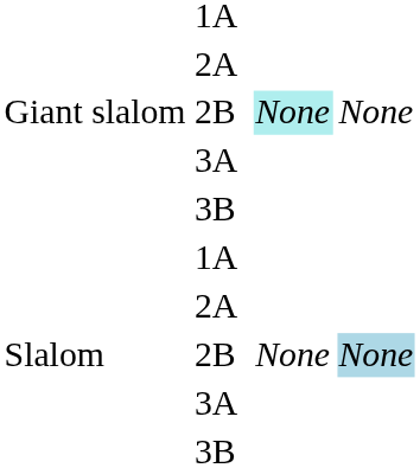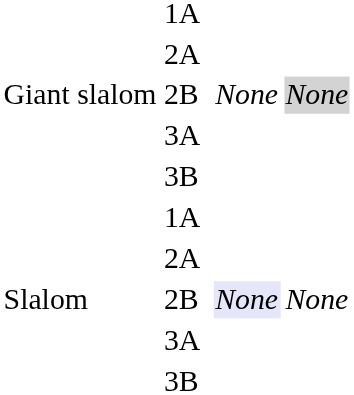 <table>
 <tr>
 <td rowspan="5">Giant slalom</td>
 <td>1A<br></td>
 <td></td>
 <td></td>
 <td></td>
 </tr>
 <tr>
 <td>2A<br></td>
 <td></td>
 <td></td>
 <td></td>
 </tr>
 <tr>
 <td>2B<br></td>
 <td></td>
-<td align="center" style="background: paleturquoise;"><em>None</em></td>
 <td align="center"><em>None</em></td>
+<td align="center" style="background: lightgrey;"><em>None</em></td>
 </tr>
 <tr>
 <td>3A<br></td>
 <td></td>
 <td></td>
 <td></td>
 </tr>
 <tr>
 <td>3B<br></td>
 <td></td>
 <td></td>
 <td></td>
 </tr>
 <tr>
 <td rowspan="5">Slalom</td>
 <td>1A<br></td>
 <td></td>
 <td></td>
 <td></td>
 </tr>
 <tr>
 <td>2A<br></td>
 <td></td>
 <td></td>
 <td></td>
 </tr>
 <tr>
 <td>2B<br></td>
 <td></td>
+<td align="center" style="background: lavender;"><em>None</em></td>
 <td align="center"><em>None</em></td>
-<td align="center" style="background: lightblue;"><em>None</em></td>
 </tr>
 <tr>
 <td>3A<br></td>
 <td></td>
 <td></td>
 <td></td>
 </tr>
 <tr>
 <td>3B<br></td>
 <td></td>
 <td></td>
 <td></td>
 </tr>
 </table>
